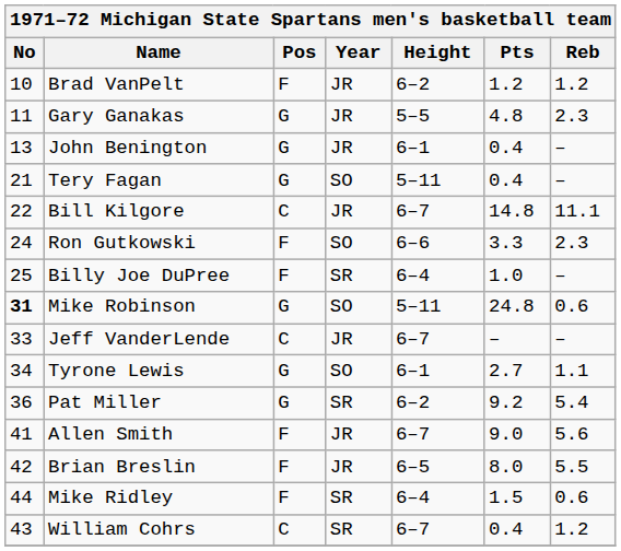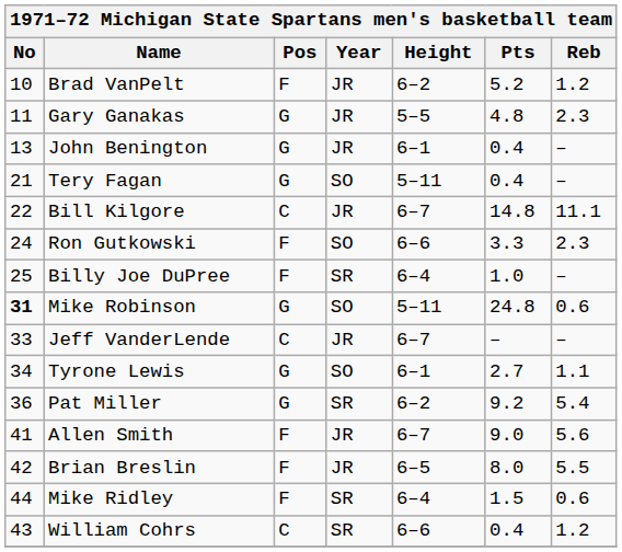 <table class="wikitable sortable" style="font-size: 90%" |->
 <tr>
 <th colspan=9 style=>1971–72 Michigan State Spartans men's basketball team</th>
 </tr>
 <tr>
 <th style="background:#">No</th>
 <th style="background:#">Name</th>
 <th style="background:#">Pos</th>
 <th style="background:#">Year</th>
 <th style="background:#">Height</th>
 <th style="background:#">Pts</th>
 <th style="background:#">Reb</th>
 </tr>
 <tr>
 <td>10</td>
 <td>Brad VanPelt</td>
 <td>F</td>
 <td>JR</td>
 <td>6–2</td>
-<td>1.2</td>
+<td>5.2</td>
 <td>1.2</td>
 </tr>
 <tr>
 <td>11</td>
 <td>Gary Ganakas</td>
 <td>G</td>
 <td>JR</td>
 <td>5–5</td>
 <td>4.8</td>
 <td>2.3</td>
 </tr>
 <tr>
 <td>13</td>
 <td>John Benington</td>
 <td>G</td>
 <td>JR</td>
 <td>6–1</td>
 <td>0.4</td>
 <td>–</td>
 </tr>
 <tr>
 <td>21</td>
 <td>Tery Fagan</td>
 <td>G</td>
 <td>SO</td>
 <td>5–11</td>
 <td>0.4</td>
 <td>–</td>
 </tr>
 <tr>
 <td>22</td>
 <td>Bill Kilgore</td>
 <td>C</td>
 <td>JR</td>
 <td>6–7</td>
 <td>14.8</td>
 <td>11.1</td>
 </tr>
 <tr>
 <td>24</td>
 <td>Ron Gutkowski</td>
 <td>F</td>
 <td>SO</td>
 <td>6–6</td>
 <td>3.3</td>
 <td>2.3</td>
 </tr>
 <tr>
 <td>25</td>
 <td>Billy Joe DuPree</td>
 <td>F</td>
 <td>SR</td>
 <td>6–4</td>
 <td>1.0</td>
 <td>–</td>
 </tr>
 <tr>
 <td><strong>31</strong></td>
 <td>Mike Robinson</td>
 <td>G</td>
 <td>SO</td>
 <td>5–11</td>
 <td>24.8</td>
 <td>0.6</td>
 </tr>
 <tr>
 <td>33</td>
 <td>Jeff VanderLende</td>
 <td>C</td>
 <td>JR</td>
 <td>6–7</td>
 <td>–</td>
 <td>–</td>
 </tr>
 <tr>
 <td>34</td>
 <td>Tyrone Lewis</td>
 <td>G</td>
 <td>SO</td>
 <td>6–1</td>
 <td>2.7</td>
 <td>1.1</td>
 </tr>
 <tr>
 <td>36</td>
 <td>Pat Miller</td>
 <td>G</td>
 <td>SR</td>
 <td>6–2</td>
 <td>9.2</td>
 <td>5.4</td>
 </tr>
 <tr>
 <td>41</td>
 <td>Allen Smith</td>
 <td>F</td>
 <td>JR</td>
 <td>6–7</td>
 <td>9.0</td>
 <td>5.6</td>
 </tr>
 <tr>
 <td>42</td>
 <td>Brian Breslin</td>
 <td>F</td>
 <td>JR</td>
 <td>6–5</td>
 <td>8.0</td>
 <td>5.5</td>
 </tr>
 <tr>
 <td>44</td>
 <td>Mike Ridley</td>
 <td>F</td>
 <td>SR</td>
 <td>6–4</td>
 <td>1.5</td>
 <td>0.6</td>
 </tr>
 <tr>
 <td>43</td>
 <td>William Cohrs</td>
 <td>C</td>
 <td>SR</td>
-<td>6–7</td>
+<td>6–6</td>
 <td>0.4</td>
 <td>1.2</td>
 </tr>
 <tr>
 </tr>
 </table>
